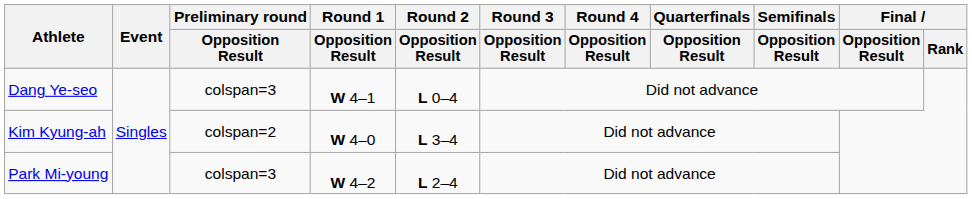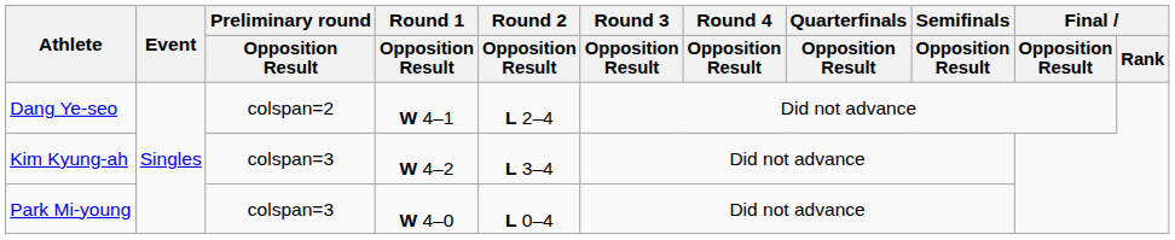 <table class="wikitable" style="font-size:90%">
 <tr>
 <th rowspan="2">Athlete</th>
 <th rowspan="2">Event</th>
 <th>Preliminary round</th>
 <th>Round 1</th>
 <th>Round 2</th>
 <th>Round 3</th>
 <th>Round 4</th>
 <th>Quarterfinals</th>
 <th>Semifinals</th>
 <th colspan=2>Final / </th>
 </tr>
 <tr style="font-size:95%">
 <th>Opposition<br>Result</th>
 <th>Opposition<br>Result</th>
 <th>Opposition<br>Result</th>
 <th>Opposition<br>Result</th>
 <th>Opposition<br>Result</th>
 <th>Opposition<br>Result</th>
 <th>Opposition<br>Result</th>
 <th>Opposition<br>Result</th>
 <th>Rank</th>
 </tr>
 <tr align=center>
 <td align=left><a href='#'>Dang Ye-seo</a></td>
 <td align=left rowspan=3><a href='#'>Singles</a></td>
-<td>colspan=3 </td>
+<td>colspan=2 </td>
 <td><br><strong>W</strong> 4–1</td>
-<td><br><strong>L</strong> 0–4</td>
+<td><br><strong>L</strong> 2–4</td>
 <td colspan=5>Did not advance</td>
 </tr>
 <tr align=center>
 <td align=left><a href='#'>Kim Kyung-ah</a></td>
-<td>colspan=2 </td>
-<td><br><strong>W</strong> 4–0</td>
+<td>colspan=3 </td>
+<td><br><strong>W</strong> 4–2</td>
 <td><br><strong>L</strong> 3–4</td>
 <td colspan=4>Did not advance</td>
 </tr>
 <tr align=center>
 <td align=left><a href='#'>Park Mi-young</a></td>
 <td>colspan=3 </td>
-<td><br><strong>W</strong> 4–2</td>
-<td><br><strong>L</strong> 2–4</td>
+<td><br><strong>W</strong> 4–0</td>
+<td><br><strong>L</strong> 0–4</td>
 <td colspan=4>Did not advance</td>
 </tr>
 </table>
